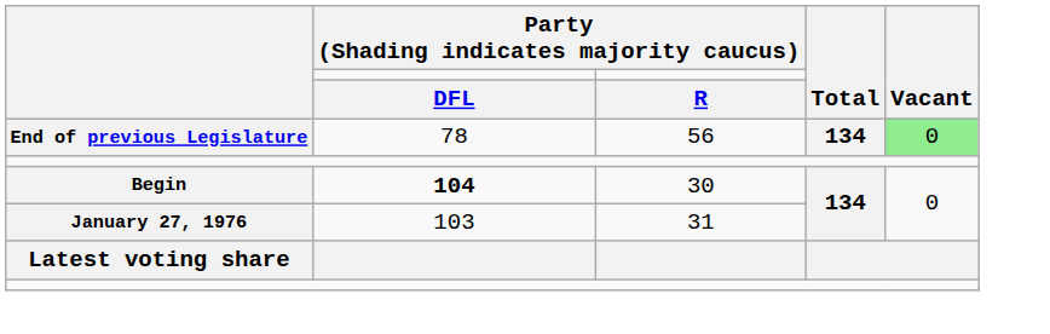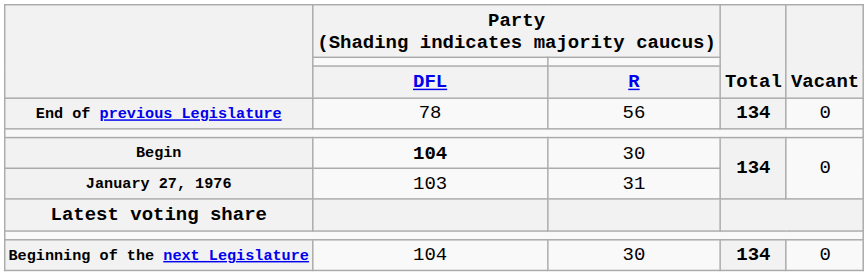 <table class=wikitable style="text-align:center">
 <tr style="vertical-align:bottom;">
 <th rowspan=3></th>
 <th colspan=2>Party <div>(Shading indicates majority caucus)</div></th>
 <th rowspan=3>Total</th>
 <th rowspan=3>Vacant</th>
 </tr>
 <tr style="height:5px">
 <td style="background-color:"></td>
 <td style="background-color:"></td>
 </tr>
 <tr>
 <th><a href='#'>DFL</a></th>
 <th><a href='#'>R</a></th>
 </tr>
 <tr>
 <th style="white-space:nowrap; font-size:80%;">End of <a href='#'>previous Legislature</a></th>
 <td>78</td>
 <td>56</td>
 <th>134</th>
-<td style="background: lightgreen;">0</td>
+<td>0</td>
 </tr>
 <tr>
 <td colspan=5></td>
 </tr>
 <tr>
 <th style="font-size:80%">Begin</th>
 <td><strong>104</strong></td>
 <td>30</td>
 <th rowspan=2>134</th>
 <td rowspan=2>0</td>
 </tr>
 <tr>
 <th style="font-size:80%">January 27, 1976 </th>
 <td>103</td>
 <td>31</td>
 </tr>
 <tr>
 <th>Latest voting share</th>
 <th></th>
 <th></th>
 <th colspan=2></th>
 </tr>
 <tr>
 <td colspan=5></td>
 </tr>
+<tr>
+<th style="white-space:nowrap; font-size:80%;">Beginning of the <a href='#'>next Legislature</a></th>
+<td>104</td>
+<td>30</td>
+<th>134</th>
+<td>0</td>
+</tr>
 </table>
